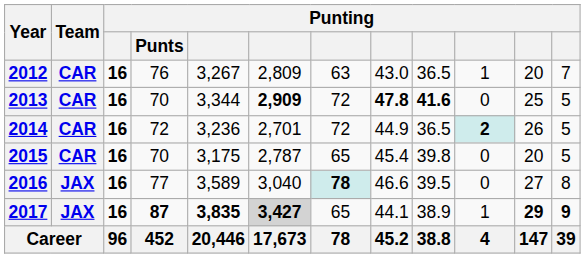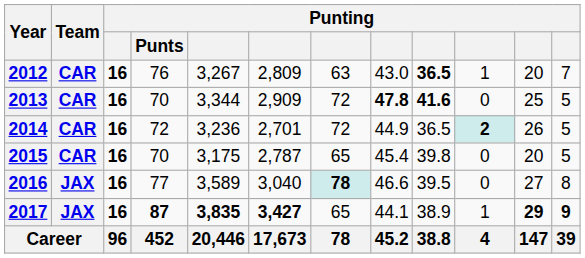 <table class=wikitable style="text-align:center;">
 <tr>
 <th rowspan="2">Year</th>
 <th rowspan="2">Team</th>
 <th colspan="10">Punting</th>
 </tr>
 <tr>
 <th></th>
 <th>Punts</th>
 <th></th>
 <th></th>
 <th></th>
 <th></th>
 <th></th>
 <th></th>
 <th></th>
 <th></th>
 </tr>
 <tr>
 <th><a href='#'>2012</a></th>
 <th><a href='#'>CAR</a></th>
 <td><strong>16</strong></td>
 <td>76</td>
 <td>3,267</td>
 <td>2,809</td>
 <td>63</td>
 <td>43.0</td>
-<td>36.5</td>
+<td><strong>36.5</strong></td>
 <td>1</td>
 <td>20</td>
 <td>7</td>
 </tr>
 <tr>
 <th><a href='#'>2013</a></th>
 <th><a href='#'>CAR</a></th>
 <td><strong>16</strong></td>
 <td>70</td>
 <td>3,344</td>
-<td><strong>2,909</strong></td>
+<td>2,909</td>
 <td>72</td>
 <td><strong>47.8</strong></td>
 <td><strong>41.6</strong></td>
 <td>0</td>
 <td>25</td>
 <td>5</td>
 </tr>
 <tr>
 <th><a href='#'>2014</a></th>
 <th><a href='#'>CAR</a></th>
 <td><strong>16</strong></td>
 <td>72</td>
 <td>3,236</td>
 <td>2,701</td>
 <td>72</td>
 <td>44.9</td>
 <td>36.5</td>
 <td style="background:#cfecec; width:3em;"><strong>2</strong></td>
 <td>26</td>
 <td>5</td>
 </tr>
 <tr>
 <th><a href='#'>2015</a></th>
 <th><a href='#'>CAR</a></th>
 <td><strong>16</strong></td>
 <td>70</td>
 <td>3,175</td>
 <td>2,787</td>
 <td>65</td>
 <td>45.4</td>
 <td>39.8</td>
 <td>0</td>
 <td>20</td>
 <td>5</td>
 </tr>
 <tr>
 <th><a href='#'>2016</a></th>
 <th><a href='#'>JAX</a></th>
 <td><strong>16</strong></td>
 <td>77</td>
 <td>3,589</td>
 <td>3,040</td>
 <td style="background:#cfecec; width:3em;"><strong>78</strong></td>
 <td>46.6</td>
 <td>39.5</td>
 <td>0</td>
 <td>27</td>
 <td>8</td>
 </tr>
 <tr>
 <th><a href='#'>2017</a></th>
 <th><a href='#'>JAX</a></th>
 <td><strong>16</strong></td>
 <td><strong>87</strong></td>
 <td><strong>3,835</strong></td>
-<td style="background: lightgrey;"><strong>3,427</strong></td>
+<td><strong>3,427</strong></td>
 <td>65</td>
 <td>44.1</td>
 <td>38.9</td>
 <td>1</td>
 <td><strong>29</strong></td>
 <td><strong>9</strong></td>
 </tr>
 <tr>
 <th colspan="2">Career</th>
 <th>96</th>
 <th>452</th>
 <th>20,446</th>
 <th>17,673</th>
 <th>78</th>
 <th>45.2</th>
 <th>38.8</th>
 <th>4</th>
 <th>147</th>
 <th>39</th>
 </tr>
 </table>
